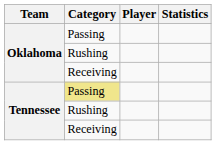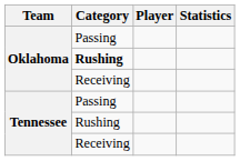 <table class="wikitable" style="float:right">
 <tr>
 <th>Team</th>
 <th>Category</th>
 <th>Player</th>
 <th>Statistics</th>
 </tr>
 <tr>
 <th rowspan=3>Oklahoma</th>
 <td>Passing</td>
 <td></td>
 <td></td>
 </tr>
 <tr>
-<td>Rushing</td>
+<td><strong>Rushing</strong></td>
 <td></td>
 <td></td>
 </tr>
 <tr>
 <td>Receiving</td>
 <td></td>
 <td></td>
 </tr>
 <tr>
 <th rowspan=3>Tennessee</th>
-<td style="background: khaki;">Passing</td>
+<td>Passing</td>
 <td></td>
 <td></td>
 </tr>
 <tr>
 <td>Rushing</td>
 <td></td>
 <td></td>
 </tr>
 <tr>
 <td>Receiving</td>
 <td></td>
 <td></td>
 </tr>
 </table>
